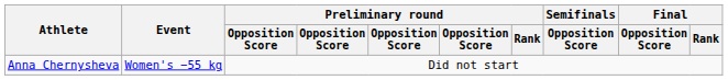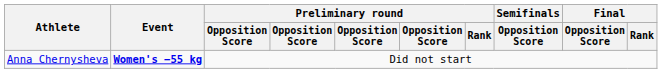 <table class=wikitable style=font-size:90%;text-align:center>
 <tr>
 <th rowspan=2>Athlete</th>
 <th rowspan=2>Event</th>
 <th colspan=5>Preliminary round</th>
 <th>Semifinals</th>
 <th colspan=2>Final</th>
 </tr>
 <tr style=font-size:95%>
 <th>Opposition<br>Score</th>
 <th>Opposition<br>Score</th>
 <th>Opposition<br>Score</th>
 <th>Opposition<br>Score</th>
 <th>Rank</th>
 <th>Opposition<br>Score</th>
 <th>Opposition<br>Score</th>
 <th>Rank</th>
 </tr>
 <tr>
 <td align=left><a href='#'>Anna Chernysheva</a></td>
-<td align=left><a href='#'>Women's −55 kg</a></td>
+<td align=left><strong><a href='#'>Women's −55 kg</a></strong></td>
 <td colspan=8>Did not start</td>
 </tr>
 </table>
